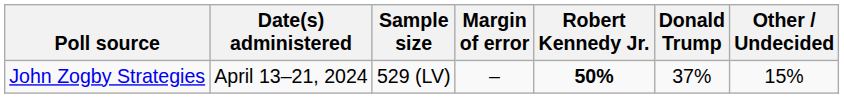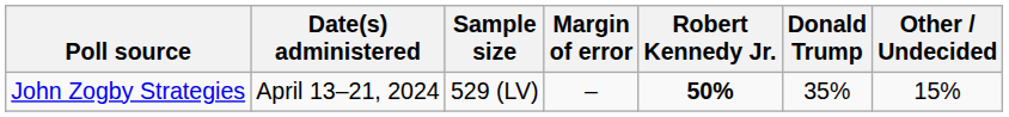 <table class="wikitable sortable mw-datatable" style="font-size:90%;text-align:center;line-height:17px">
 <tr valign=bottom>
 <th>Poll source</th>
 <th>Date(s)<br>administered</th>
 <th>Sample<br>size</th>
 <th>Margin<br>of error</th>
 <th class="unsortable">Robert<br>Kennedy Jr.<br></th>
 <th class="unsortable">Donald<br>Trump<br></th>
 <th class="unsortable">Other /<br>Undecided</th>
 </tr>
 <tr>
 <td style="text-align:left;"><a href='#'>John Zogby Strategies</a></td>
 <td data-sort-value="2024-05-01">April 13–21, 2024</td>
 <td>529 (LV)</td>
 <td>–</td>
 <td style="background-color:"><strong>50%</strong></td>
-<td>37%</td>
+<td>35%</td>
 <td>15%</td>
 </tr>
 </table>
